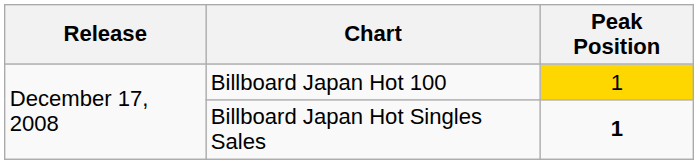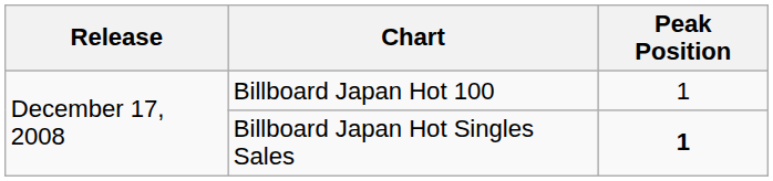 <table class="wikitable" width="500px">
 <tr>
 <th>Release</th>
 <th>Chart</th>
 <th>Peak Position</th>
 </tr>
 <tr>
 <td rowspan="2">December 17, 2008</td>
 <td>Billboard Japan Hot 100</td>
-<td align="center" style="background: gold;">1</td>
+<td align="center">1</td>
 </tr>
 <tr>
 <td>Billboard Japan Hot Singles Sales</td>
 <td align="center"><strong>1</strong></td>
 </tr>
 </table>
